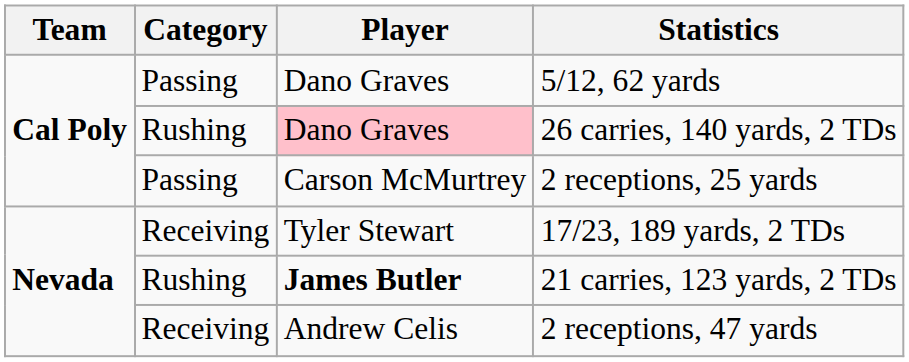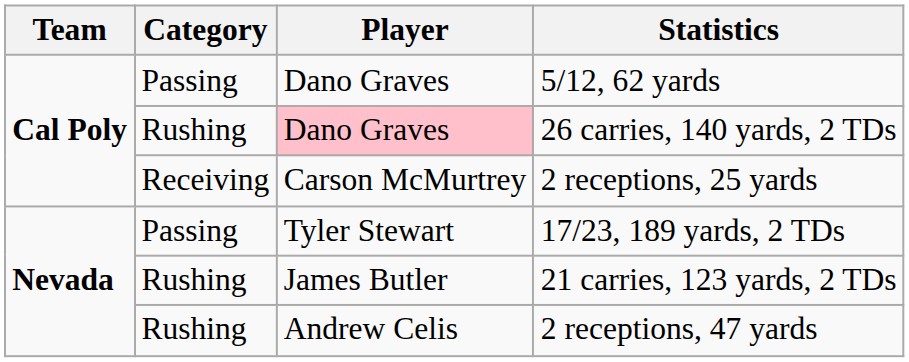 <table class="wikitable" style="float: left;">
 <tr>
 <th>Team</th>
 <th>Category</th>
 <th>Player</th>
 <th>Statistics</th>
 </tr>
 <tr>
 <td rowspan=3><strong>Cal Poly</strong></td>
 <td>Passing</td>
 <td>Dano Graves</td>
 <td>5/12, 62 yards</td>
 </tr>
 <tr>
 <td>Rushing</td>
 <td style="background: pink;">Dano Graves</td>
 <td>26 carries, 140 yards, 2 TDs</td>
 </tr>
 <tr>
-<td>Passing</td>
+<td>Receiving</td>
 <td>Carson McMurtrey</td>
 <td>2 receptions, 25 yards</td>
 </tr>
 <tr>
 <td rowspan=3><strong>Nevada</strong></td>
-<td>Receiving</td>
+<td>Passing</td>
 <td>Tyler Stewart</td>
 <td>17/23, 189 yards, 2 TDs</td>
 </tr>
 <tr>
 <td>Rushing</td>
-<td><strong>James Butler</strong></td>
+<td>James Butler</td>
 <td>21 carries, 123 yards, 2 TDs</td>
 </tr>
 <tr>
-<td>Receiving</td>
+<td>Rushing</td>
 <td>Andrew Celis</td>
 <td>2 receptions, 47 yards</td>
 </tr>
 </table>
